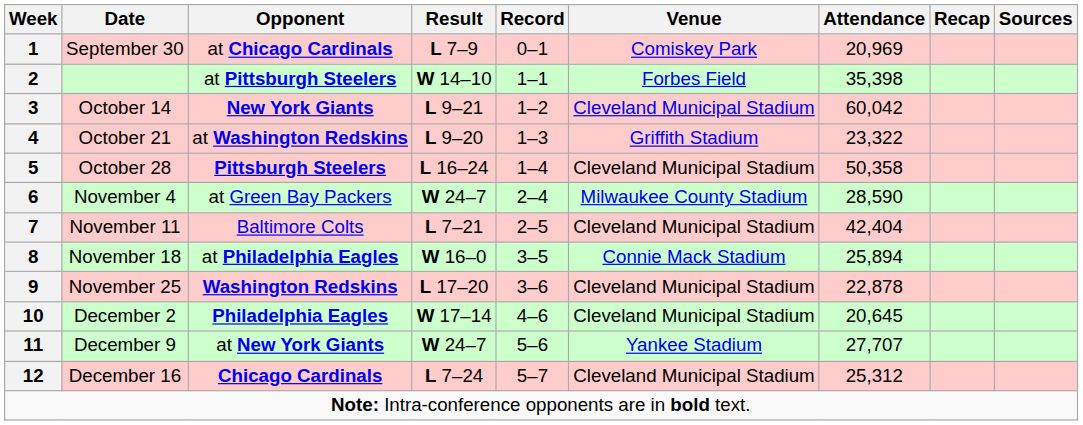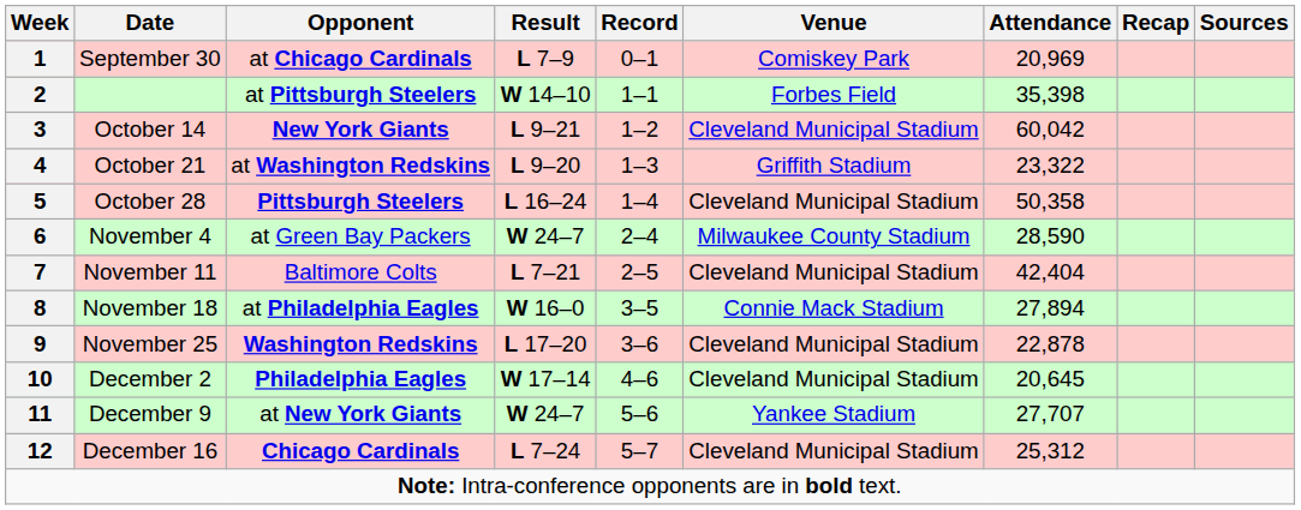 <table class="wikitable" style="text-align:center">
 <tr>
 <th>Week</th>
 <th>Date</th>
 <th>Opponent</th>
 <th>Result</th>
 <th>Record</th>
 <th>Venue</th>
 <th>Attendance</th>
 <th>Recap</th>
 <th>Sources</th>
 </tr>
 <tr style="background:#fcc">
 <th>1</th>
 <td>September 30</td>
 <td>at <strong><a href='#'>Chicago Cardinals</a></strong></td>
 <td><strong>L</strong> 7–9</td>
 <td>0–1</td>
 <td><a href='#'>Comiskey Park</a></td>
 <td>20,969</td>
 <td></td>
 <td></td>
 </tr>
 <tr style="background:#cfc">
 <th>2</th>
 <td></td>
 <td>at <strong><a href='#'>Pittsburgh Steelers</a></strong></td>
 <td><strong>W</strong> 14–10</td>
 <td>1–1</td>
 <td><a href='#'>Forbes Field</a></td>
 <td>35,398</td>
 <td></td>
 <td></td>
 </tr>
 <tr style="background:#fcc">
 <th>3</th>
 <td>October 14</td>
 <td><strong><a href='#'>New York Giants</a></strong></td>
 <td><strong>L</strong> 9–21</td>
 <td>1–2</td>
 <td><a href='#'>Cleveland Municipal Stadium</a></td>
 <td>60,042</td>
 <td></td>
 <td></td>
 </tr>
 <tr style="background:#fcc">
 <th>4</th>
 <td>October 21</td>
 <td>at <strong><a href='#'>Washington Redskins</a></strong></td>
 <td><strong>L</strong> 9–20</td>
 <td>1–3</td>
 <td><a href='#'>Griffith Stadium</a></td>
 <td>23,322</td>
 <td></td>
 <td></td>
 </tr>
 <tr style="background:#fcc">
 <th>5</th>
 <td>October 28</td>
 <td><strong><a href='#'>Pittsburgh Steelers</a></strong></td>
 <td><strong>L</strong> 16–24</td>
 <td>1–4</td>
 <td>Cleveland Municipal Stadium</td>
 <td>50,358</td>
 <td></td>
 <td></td>
 </tr>
 <tr style="background:#cfc">
 <th>6</th>
 <td>November 4</td>
 <td>at <a href='#'>Green Bay Packers</a></td>
 <td><strong>W</strong> 24–7</td>
 <td>2–4</td>
 <td><a href='#'>Milwaukee County Stadium</a></td>
 <td>28,590</td>
 <td></td>
 <td></td>
 </tr>
 <tr style="background:#fcc">
 <th>7</th>
 <td>November 11</td>
 <td><a href='#'>Baltimore Colts</a></td>
 <td><strong>L</strong> 7–21</td>
 <td>2–5</td>
 <td>Cleveland Municipal Stadium</td>
 <td>42,404</td>
 <td></td>
 <td></td>
 </tr>
 <tr style="background:#cfc">
 <th>8</th>
 <td>November 18</td>
 <td>at <strong><a href='#'>Philadelphia Eagles</a></strong></td>
 <td><strong>W</strong> 16–0</td>
 <td>3–5</td>
 <td><a href='#'>Connie Mack Stadium</a></td>
-<td>25,894</td>
+<td>27,894</td>
 <td></td>
 <td></td>
 </tr>
 <tr style="background:#fcc">
 <th>9</th>
 <td>November 25</td>
 <td><strong><a href='#'>Washington Redskins</a></strong></td>
 <td><strong>L</strong> 17–20</td>
 <td>3–6</td>
 <td>Cleveland Municipal Stadium</td>
 <td>22,878</td>
 <td></td>
 <td></td>
 </tr>
 <tr style="background:#cfc">
 <th>10</th>
 <td>December 2</td>
 <td><strong><a href='#'>Philadelphia Eagles</a></strong></td>
 <td><strong>W</strong> 17–14</td>
 <td>4–6</td>
 <td>Cleveland Municipal Stadium</td>
 <td>20,645</td>
 <td></td>
 <td></td>
 </tr>
 <tr style="background:#cfc">
 <th>11</th>
 <td>December 9</td>
 <td>at <strong><a href='#'>New York Giants</a></strong></td>
 <td><strong>W</strong> 24–7</td>
 <td>5–6</td>
 <td><a href='#'>Yankee Stadium</a></td>
 <td>27,707</td>
 <td></td>
 <td></td>
 </tr>
 <tr style="background:#fcc">
 <th>12</th>
 <td>December 16</td>
 <td><strong><a href='#'>Chicago Cardinals</a></strong></td>
 <td><strong>L</strong> 7–24</td>
 <td>5–7</td>
 <td>Cleveland Municipal Stadium</td>
 <td>25,312</td>
 <td></td>
 <td></td>
 </tr>
 <tr>
 <td colspan="10"><strong>Note:</strong> Intra-conference opponents are in <strong>bold</strong> text.</td>
 </tr>
 </table>
